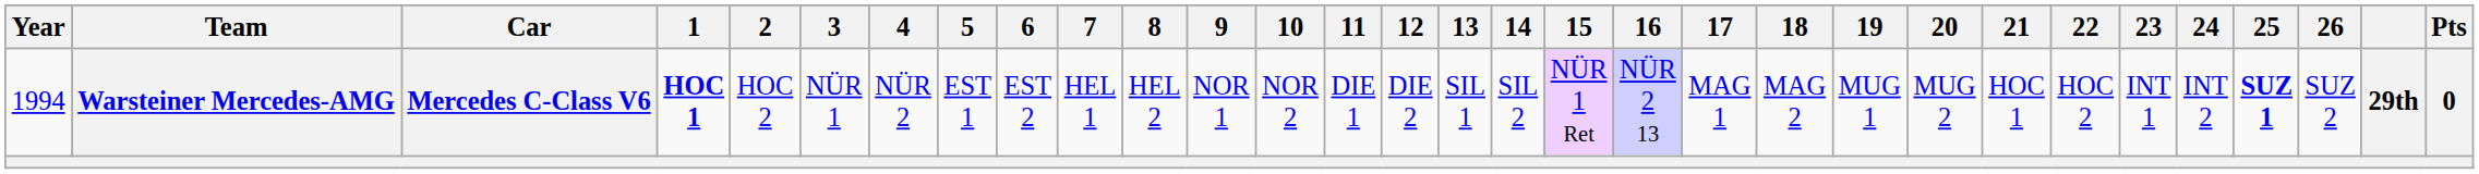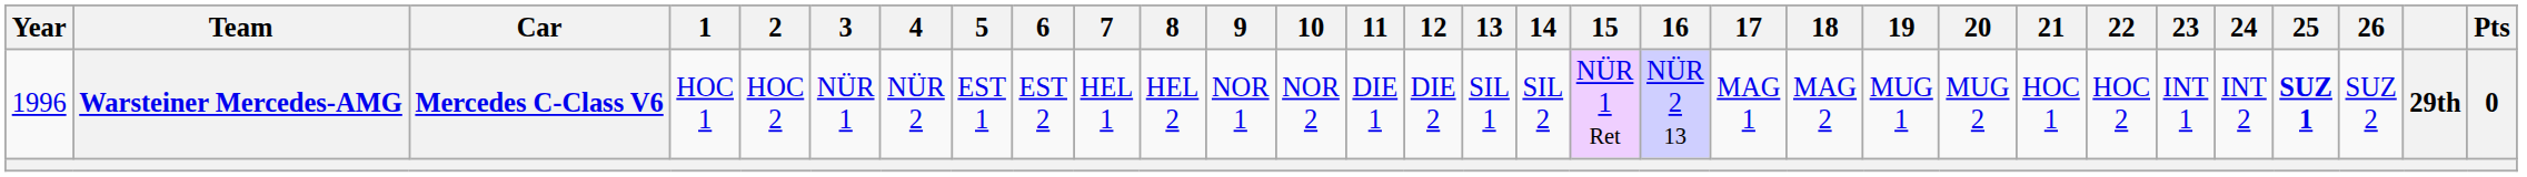 <table class="wikitable" border="1" style="text-align:center; font-size:85%;">
 <tr>
 <th>Year</th>
 <th>Team</th>
 <th>Car</th>
 <th>1</th>
 <th>2</th>
 <th>3</th>
 <th>4</th>
 <th>5</th>
 <th>6</th>
 <th>7</th>
 <th>8</th>
 <th>9</th>
 <th>10</th>
 <th>11</th>
 <th>12</th>
 <th>13</th>
 <th>14</th>
 <th>15</th>
 <th>16</th>
 <th>17</th>
 <th>18</th>
 <th>19</th>
 <th>20</th>
 <th>21</th>
 <th>22</th>
 <th>23</th>
 <th>24</th>
 <th>25</th>
 <th>26</th>
 <th></th>
 <th>Pts</th>
 </tr>
 <tr>
-<td><a href='#'>1994</a></td>
+<td><a href='#'>1996</a></td>
 <th nowrap><a href='#'>Warsteiner Mercedes-AMG</a></th>
 <th nowrap><a href='#'>Mercedes C-Class V6</a></th>
-<td style="background:"><strong><a href='#'>HOC<br>1</a><br><small></small></strong></td>
+<td style="background:"><a href='#'>HOC<br>1</a><br><small></small></td>
 <td style="background:"><a href='#'>HOC<br>2</a><br><small></small></td>
 <td style="background:"><a href='#'>NÜR<br>1</a><br><small></small></td>
 <td style="background:"><a href='#'>NÜR<br>2</a><br><small></small></td>
 <td style="background:"><a href='#'>EST<br>1</a><br><small></small></td>
 <td style="background:"><a href='#'>EST<br>2</a><br><small></small></td>
 <td style="background:"><a href='#'>HEL<br>1</a><br><small></small></td>
 <td style="background:"><a href='#'>HEL<br>2</a><br><small></small></td>
 <td style="background:"><a href='#'>NOR<br>1</a><br><small></small></td>
 <td style="background:"><a href='#'>NOR<br>2</a><br><small></small></td>
 <td style="background:"><a href='#'>DIE<br>1</a><br><small></small></td>
 <td style="background:"><a href='#'>DIE<br>2</a><br><small></small></td>
 <td style="background:"><a href='#'>SIL<br>1</a><br><small></small></td>
 <td style="background:"><a href='#'>SIL<br>2</a><br><small></small></td>
 <td style="background:#EFCFFF;"><a href='#'>NÜR<br>1</a><br><small>Ret</small></td>
 <td style="background:#CFCFFF;"><a href='#'>NÜR<br>2</a><br><small>13</small></td>
 <td style="background:"><a href='#'>MAG<br>1</a><br><small></small></td>
 <td style="background:"><a href='#'>MAG<br>2</a><br><small></small></td>
 <td style="background:"><a href='#'>MUG<br>1</a><br><small></small></td>
 <td style="background:"><a href='#'>MUG<br>2</a><br><small></small></td>
 <td style="background:"><a href='#'>HOC<br>1</a><br><small></small></td>
 <td style="background:"><a href='#'>HOC<br>2</a><br><small></small></td>
 <td style="background:"><a href='#'>INT<br>1</a><br><small></small></td>
 <td style="background:"><a href='#'>INT<br>2</a><br><small></small></td>
 <td style="background:"><strong><a href='#'>SUZ<br>1</a><br><small></small></strong></td>
 <td style="background:"><a href='#'>SUZ<br>2</a><br><small></small></td>
 <th style="background:">29th</th>
 <th style="background:">0</th>
 </tr>
 <tr>
 <th colspan="31"></th>
 </tr>
 </table>
